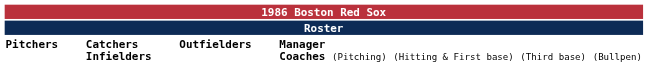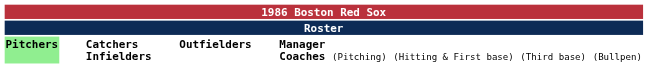 <table class="toccolours" style="text-align: left;">
 <tr>
 <th colspan="10" style="background-color: #ba313c; color: #FFFFFF; text-align: center;">1986 Boston Red Sox</th>
 </tr>
 <tr>
 <td colspan="10" style="background-color:#0d2b56; color: white; text-align: center;"><strong>Roster</strong></td>
 </tr>
 <tr>
-<td valign="top"><strong>Pitchers</strong><br>               </td>
+<td valign="top" style="background: lightgreen;"><strong>Pitchers</strong><br>               </td>
 <td width="25px"></td>
 <td valign="top"><strong>Catchers</strong><br>   <strong>Infielders</strong>          </td>
 <td width="25px"></td>
 <td valign="top"><strong>Outfielders</strong><br>        </td>
 <td width="25px"></td>
 <td valign="top"><strong>Manager</strong><br> <strong>Coaches</strong>  <small>(Pitching)</small>  <small>(Hitting & First base)</small>  <small>(Third base)</small>  <small>(Bullpen)</small></td>
 </tr>
 <tr>
 </tr>
 </table>
